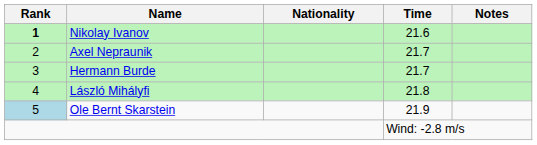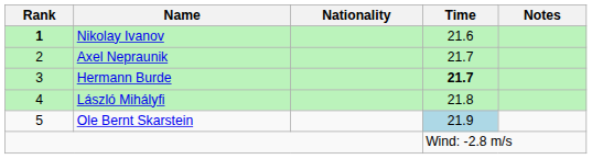 <table class="wikitable sortable" style="text-align:center;width: 55%">
 <tr>
 <th>Rank</th>
 <th>Name</th>
 <th>Nationality</th>
 <th>Time</th>
 <th>Notes</th>
 </tr>
 <tr bgcolor=bbf3bb>
 <td><strong>1</strong></td>
 <td align=left><a href='#'>Nikolay Ivanov</a></td>
 <td align=left></td>
 <td>21.6</td>
 <td></td>
 </tr>
 <tr bgcolor=bbf3bb>
 <td>2</td>
 <td align=left><a href='#'>Axel Nepraunik</a></td>
 <td align=left></td>
 <td>21.7</td>
 <td></td>
 </tr>
 <tr bgcolor=bbf3bb>
 <td>3</td>
 <td align=left><a href='#'>Hermann Burde</a></td>
 <td align=left></td>
-<td>21.7</td>
+<td><strong>21.7</strong></td>
 <td></td>
 </tr>
 <tr bgcolor=bbf3bb>
 <td>4</td>
 <td align=left><a href='#'>László Mihályfi</a></td>
 <td align=left></td>
 <td>21.8</td>
 <td></td>
 </tr>
 <tr>
-<td style="background: lightblue;">5</td>
+<td>5</td>
 <td align=left><a href='#'>Ole Bernt Skarstein</a></td>
 <td align=left></td>
-<td>21.9</td>
+<td style="background: lightblue;">21.9</td>
 <td></td>
 </tr>
 <tr class="sortbottom">
 <td colspan="3"></td>
 <td colspan="2" style="text-align:left;">Wind: -2.8 m/s</td>
 </tr>
 </table>
